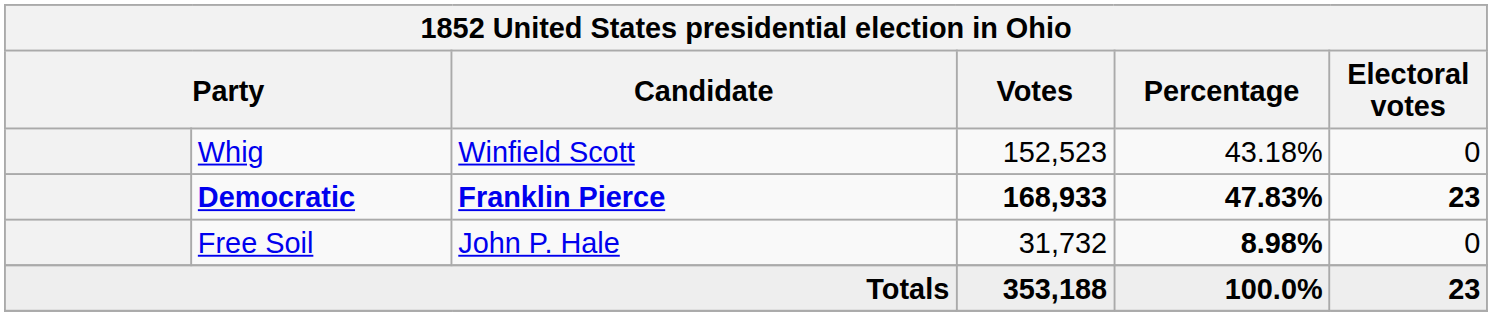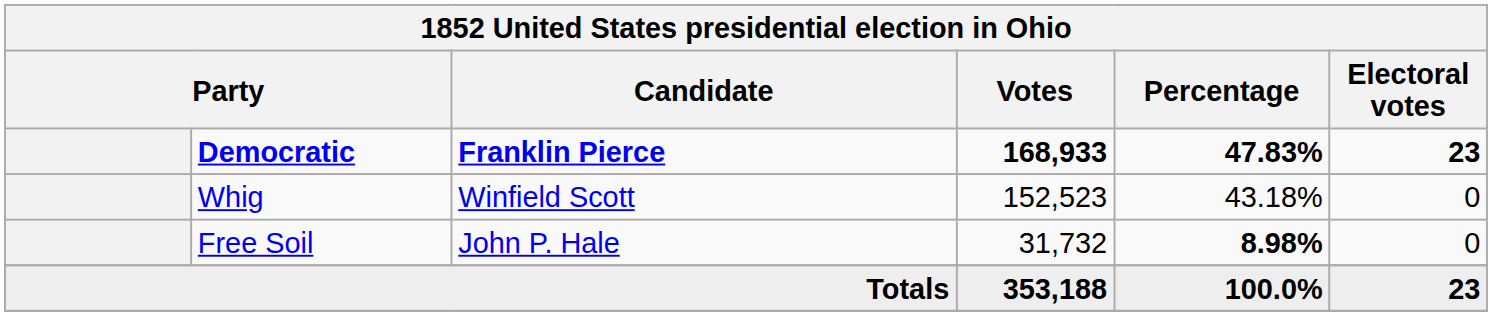 <table class="wikitable" style="font-size: 95%;">
 <tr>
 <th colspan="6">1852 United States presidential election in Ohio</th>
 </tr>
 <tr>
 <th colspan="2" style="width: 15em">Party</th>
 <th style="width: 17em">Candidate</th>
 <th style="width: 5em">Votes</th>
 <th style="width: 7em">Percentage</th>
 <th style="width: 5em">Electoral votes</th>
 </tr>
 <tr>
 <th style="background-color:"></th>
+<td style="width: 130px"><strong><a href='#'>Democratic</a></strong></td>
+<td><strong><a href='#'>Franklin Pierce</a></strong></td>
+<td align="right"><strong>168,933</strong></td>
+<td align="right"><strong>47.83%</strong></td>
+<td align="right"><strong>23</strong></td>
+</tr>
+<tr>
+<th style="background-color:"></th>
 <td style="width: 130px"><a href='#'>Whig</a></td>
 <td><a href='#'>Winfield Scott</a></td>
 <td align="right">152,523</td>
 <td align="right">43.18%</td>
 <td align="right">0</td>
-</tr>
-<tr>
-<th style="background-color:"></th>
-<td style="width: 130px"><strong><a href='#'>Democratic</a></strong></td>
-<td><strong><a href='#'>Franklin Pierce</a></strong></td>
-<td align="right"><strong>168,933</strong></td>
-<td align="right"><strong>47.83%</strong></td>
-<td align="right"><strong>23</strong></td>
 </tr>
 <tr>
 <th style="background-color:"></th>
 <td style="width: 130px"><a href='#'>Free Soil</a></td>
 <td><a href='#'>John P. Hale</a></td>
 <td align="right">31,732</td>
 <td align="right"><strong>8.98%</strong></td>
 <td align="right">0</td>
 </tr>
 <tr>
 </tr>
 <tr bgcolor="#EEEEEE">
 <td colspan="3" align="right"><strong>Totals</strong></td>
 <td align="right"><strong>353,188</strong></td>
 <td align="right"><strong>100.0%</strong></td>
 <td align="right"><strong>23</strong></td>
 </tr>
 <tr>
 </tr>
 </table>
